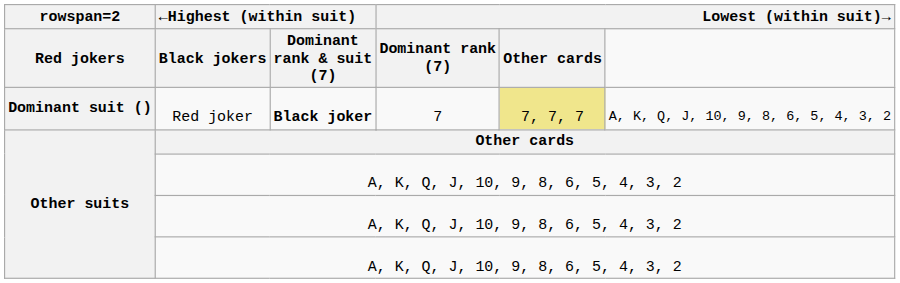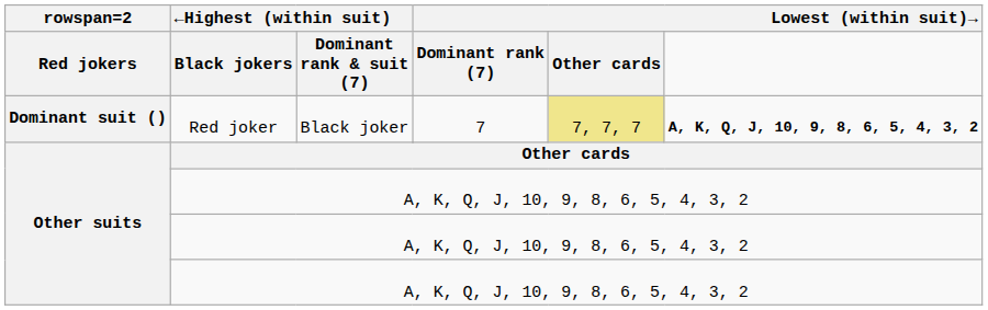 <table class="wikitable" style="font-size:100%;text-align:center;">
 <tr>
 <th>rowspan=2 </th>
 <th colspan=3 style="text-align:left;">←Highest (within suit)</th>
 <th colspan=3 style="text-align:right;">Lowest (within suit)→</th>
 </tr>
 <tr>
 <th>Red jokers</th>
 <th>Black jokers</th>
 <th colspan=2>Dominant<br>rank & suit<br>(7)</th>
 <th>Dominant rank<br>(7)</th>
 <th>Other cards</th>
 </tr>
 <tr>
 <th>Dominant suit ()</th>
 <td><br>Red joker</td>
-<td><strong><br>Black joker</strong></td>
+<td><br>Black joker</td>
 <td colspan=2><br>7</td>
 <td style="background: khaki;"><br>7, 7, 7</td>
-<td style="font-size:90%;"><br>A, K, Q, J, 10, 9, 8, 6, 5, 4, 3, 2</td>
+<td style="font-size:90%;"><strong><br>A, K, Q, J, 10, 9, 8, 6, 5, 4, 3, 2</strong></td>
 </tr>
 <tr>
 <th rowspan=4>Other suits</th>
 <th colspan=6>Other cards</th>
 </tr>
 <tr>
 <td colspan="6"><br>A, K, Q, J, 10, 9, 8, 6, 5, 4, 3, 2</td>
 </tr>
 <tr>
 <td colspan="6"><br>A, K, Q, J, 10, 9, 8, 6, 5, 4, 3, 2</td>
 </tr>
 <tr>
 <td colspan=6><br>A, K, Q, J, 10, 9, 8, 6, 5, 4, 3, 2</td>
 </tr>
 </table>
